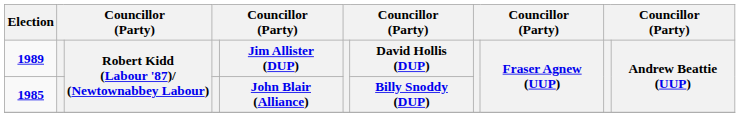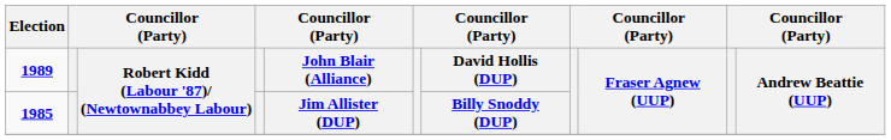 <table class="wikitable" style="text-align:center">
 <tr>
 <th scope="col" width="50">Election</th>
 <th scope="col" width="150" colspan = "2">Councillor<br> (Party)</th>
 <th scope="col" width="150" colspan = "2">Councillor<br> (Party)</th>
 <th scope="col" width="150" colspan = "2">Councillor<br> (Party)</th>
 <th scope="col" width="150" colspan = "2">Councillor<br> (Party)</th>
 <th scope="col" width="150" colspan = "2">Councillor<br> (Party)</th>
 </tr>
 <tr>
 <td><strong><a href='#'>1989</a></strong></td>
 <th rowspan="1" width="1" style="background-color: "></th>
 <th rowspan = "2">Robert Kidd <br> (<a href='#'>Labour '87</a>)/ <br> (<a href='#'>Newtownabbey Labour</a>)</th>
 <th rowspan="1" width="1" style="background-color: "></th>
-<th rowspan = "1"><a href='#'>Jim Allister</a> <br> (<a href='#'>DUP</a>)</th>
+<th rowspan = "1"><a href='#'>John Blair</a> <br> (<a href='#'>Alliance</a>)</th>
 <th rowspan="2" width="1" style="background-color: "></th>
 <th rowspan = "1">David Hollis <br> (<a href='#'>DUP</a>)</th>
 <th rowspan="2" width="1" style="background-color: "></th>
 <th rowspan = "2"><a href='#'>Fraser Agnew</a> <br> (<a href='#'>UUP</a>)</th>
 <th rowspan="2" width="1" style="background-color: "></th>
 <th rowspan = "2">Andrew Beattie <br> (<a href='#'>UUP</a>)</th>
 </tr>
 <tr>
 <td><strong><a href='#'>1985</a></strong></td>
 <th rowspan="1" width="1" style="background-color: "></th>
 <th rowspan="1" width="1" style="background-color: "></th>
-<th rowspan = "1"><a href='#'>John Blair</a> <br> (<a href='#'>Alliance</a>)</th>
+<th rowspan = "1"><a href='#'>Jim Allister</a> <br> (<a href='#'>DUP</a>)</th>
 <th rowspan = "1"><a href='#'>Billy Snoddy</a> <br> (<a href='#'>DUP</a>)</th>
 </tr>
 <tr>
 </tr>
 </table>
